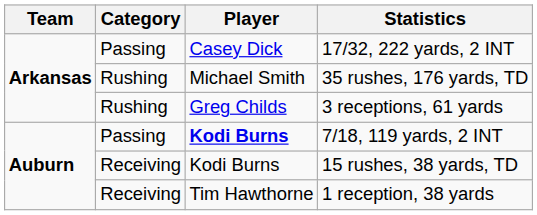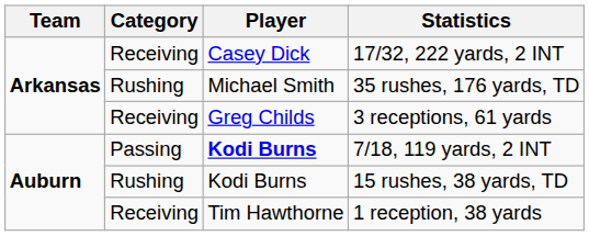 <table class="wikitable" style="float: left;">
 <tr>
 <th>Team</th>
 <th>Category</th>
 <th>Player</th>
 <th>Statistics</th>
 </tr>
 <tr>
 <td rowspan=3><strong>Arkansas</strong></td>
-<td>Passing</td>
+<td>Receiving</td>
 <td><a href='#'>Casey Dick</a></td>
 <td>17/32, 222 yards, 2 INT</td>
 </tr>
 <tr>
 <td>Rushing</td>
 <td>Michael Smith</td>
 <td>35 rushes, 176 yards, TD</td>
 </tr>
 <tr>
-<td>Rushing</td>
+<td>Receiving</td>
 <td><a href='#'>Greg Childs</a></td>
 <td>3 receptions, 61 yards</td>
 </tr>
 <tr>
 <td rowspan=3><strong>Auburn</strong></td>
 <td>Passing</td>
 <td><strong><a href='#'>Kodi Burns</a></strong></td>
 <td>7/18, 119 yards, 2 INT</td>
 </tr>
 <tr>
-<td>Receiving</td>
+<td>Rushing</td>
 <td>Kodi Burns</td>
 <td>15 rushes, 38 yards, TD</td>
 </tr>
 <tr>
 <td>Receiving</td>
 <td>Tim Hawthorne</td>
 <td>1 reception, 38 yards</td>
 </tr>
 </table>
